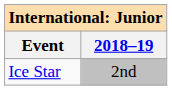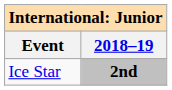 <table class="wikitable" style="text-align:center">
 <tr>
 <th style="background-color: #ffdead; " colspan=4 align=center>International: Junior</th>
 </tr>
 <tr>
 <th>Event</th>
 <th><a href='#'>2018–19</a></th>
 </tr>
 <tr>
 <td align=left><a href='#'>Ice Star</a></td>
-<td bgcolor=silver>2nd</td>
+<td bgcolor=silver><strong>2nd</strong></td>
 </tr>
 </table>
